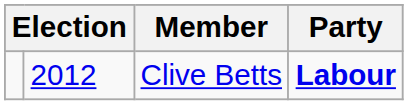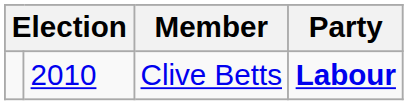 <table class="wikitable">
 <tr>
 <th colspan="2">Election</th>
 <th>Member</th>
 <th>Party</th>
 </tr>
 <tr>
 <td style="color:inherit;background-color: "></td>
-<td><a href='#'>2012</a></td>
+<td><a href='#'>2010</a></td>
 <td><a href='#'>Clive Betts</a></td>
 <td><strong><a href='#'>Labour</a></strong></td>
 </tr>
 </table>
